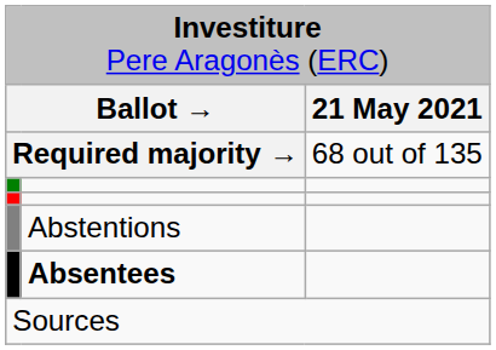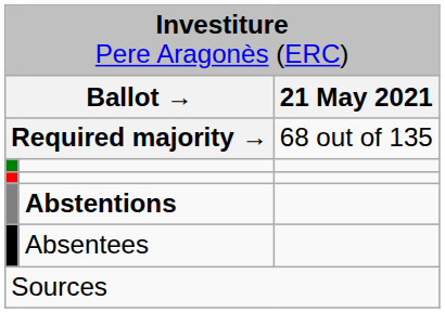 <table class="wikitable" style="text-align:center;">
 <tr>
 <td colspan="4" align="center" bgcolor="#C0C0C0"><strong>Investiture</strong><br><a href='#'>Pere Aragonès</a> (<a href='#'>ERC</a>)</td>
 </tr>
 <tr>
 <th colspan="2" width="150px">Ballot →</th>
 <th>21 May 2021</th>
 </tr>
 <tr>
 <th colspan="2">Required majority →</th>
 <td>68 out of 135 </td>
 </tr>
 <tr>
 <th width="1px" style="background:green;"></th>
 <td align="left"></td>
 <td></td>
 </tr>
 <tr>
 <th style="background:red;"></th>
 <td align="left"></td>
 <td></td>
 </tr>
 <tr>
 <th style="background:gray;"></th>
-<td align="left"><span>Abstentions</span></td>
+<td align="left"><strong><span>Abstentions</span></strong></td>
 <td></td>
 </tr>
 <tr>
 <th style="background:black;"></th>
-<td align="left"><strong><span>Absentees</span></strong></td>
+<td align="left"><span>Absentees</span></td>
 <td></td>
 </tr>
 <tr>
 <td align="left" colspan="4">Sources</td>
 </tr>
 </table>
